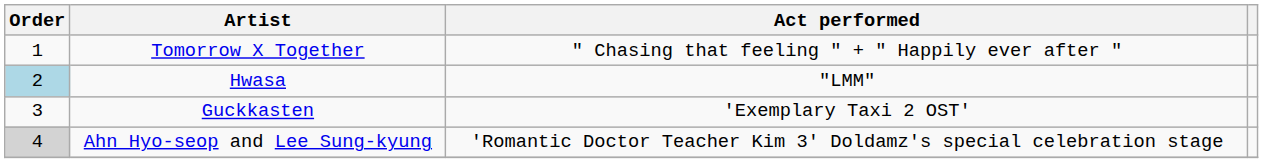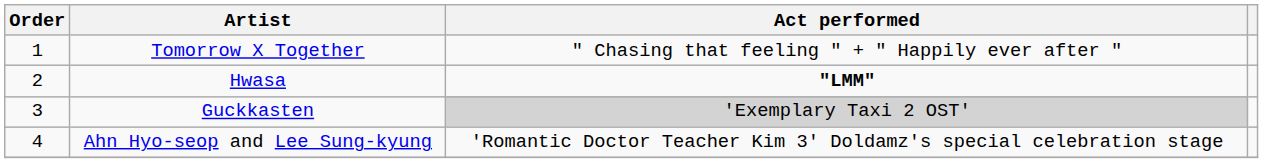 <table class="wikitable" style="text-align:center;">
 <tr>
 <th scope="col" width="5%">Order</th>
 <th scope="col">Artist</th>
 <th scope="col">Act performed</th>
 <th></th>
 </tr>
 <tr>
 <td>1</td>
 <td><a href='#'>Tomorrow X Together</a></td>
 <td>" Chasing that feeling " + " Happily ever after "</td>
 <td></td>
 </tr>
 <tr>
-<td style="background: lightblue;">2</td>
+<td>2</td>
 <td><a href='#'>Hwasa</a></td>
-<td>"LMM"</td>
+<td><strong>"LMM"</strong></td>
 <td></td>
 </tr>
 <tr>
 <td>3</td>
 <td><a href='#'>Guckkasten</a></td>
-<td>'Exemplary Taxi 2 OST'</td>
+<td style="background: lightgrey;">'Exemplary Taxi 2 OST'</td>
 <td></td>
 </tr>
 <tr>
-<td style="background: lightgrey;">4</td>
+<td>4</td>
 <td><a href='#'>Ahn Hyo-seop</a> and <a href='#'>Lee Sung-kyung</a></td>
 <td>'Romantic Doctor Teacher Kim 3' Doldamz's special celebration stage</td>
 <td></td>
 </tr>
 <tr>
 </tr>
 </table>
